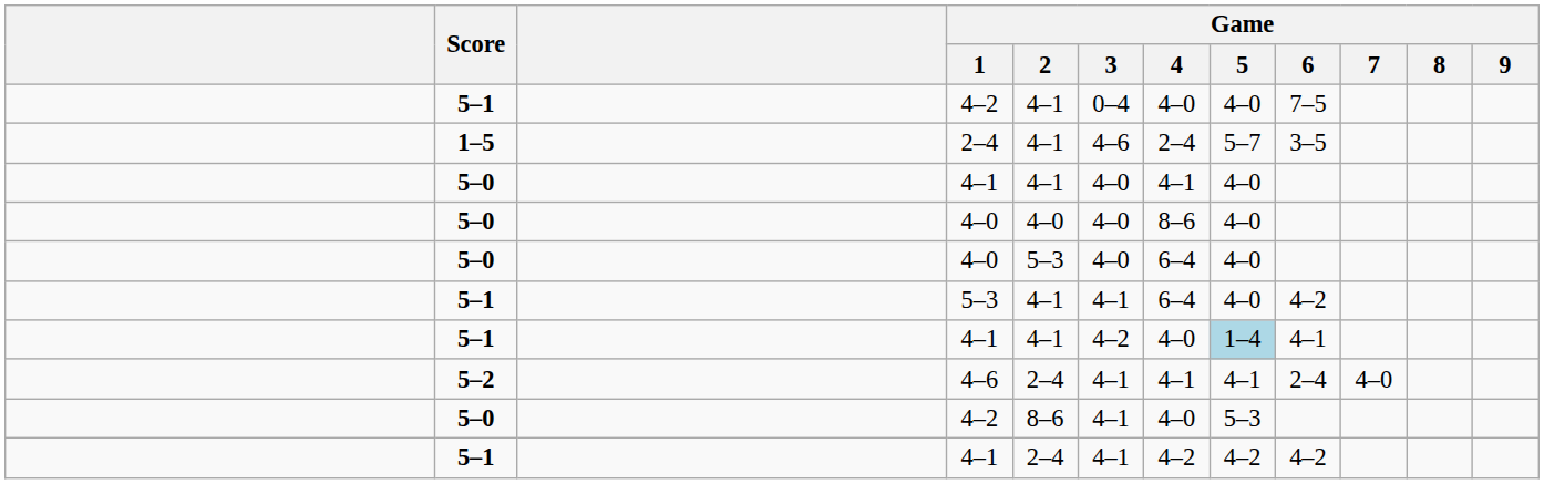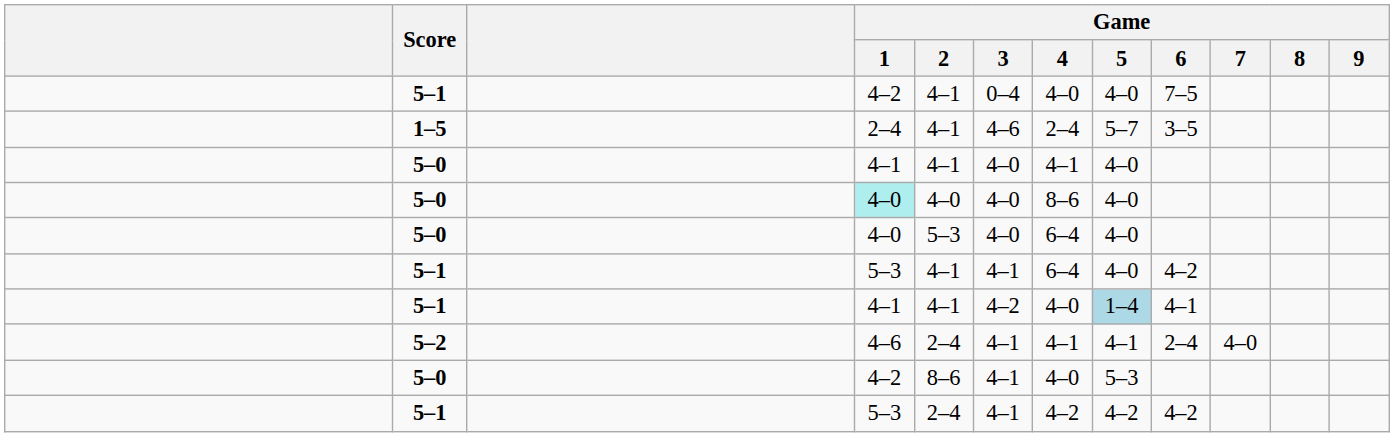 <table class="wikitable" style="text-align: center;">
 <tr>
 <th rowspan=2 align="right" width="270"></th>
 <th rowspan=2 width="45">Score</th>
 <th rowspan=2 align="left" width="270"></th>
 <th colspan=9>Game</th>
 </tr>
 <tr>
 <th width="35">1</th>
 <th width="35">2</th>
 <th width="35">3</th>
 <th width="35">4</th>
 <th width="35">5</th>
 <th width="35">6</th>
 <th width="35">7</th>
 <th width="35">8</th>
 <th width="35">9</th>
 </tr>
 <tr>
 <td align=left><strong><br></strong></td>
 <td align=center><strong>5–1</strong></td>
 <td align=left><br></td>
 <td>4–2</td>
 <td>4–1</td>
 <td>0–4</td>
 <td>4–0</td>
 <td>4–0</td>
 <td>7–5</td>
 <td></td>
 <td></td>
 <td></td>
 </tr>
 <tr>
 <td align=left><br></td>
 <td align=center><strong>1–5</strong></td>
 <td align=left><strong><br></strong></td>
 <td>2–4</td>
 <td>4–1</td>
 <td>4–6</td>
 <td>2–4</td>
 <td>5–7</td>
 <td>3–5</td>
 <td></td>
 <td></td>
 <td></td>
 </tr>
 <tr>
 <td align=left><strong><br></strong></td>
 <td align=center><strong>5–0</strong></td>
 <td align=left><br></td>
 <td>4–1</td>
 <td>4–1</td>
 <td>4–0</td>
 <td>4–1</td>
 <td>4–0</td>
 <td></td>
 <td></td>
 <td></td>
 <td></td>
 </tr>
 <tr>
 <td align=left><strong><br></strong></td>
 <td align=center><strong>5–0</strong></td>
 <td align=left><br></td>
-<td>4–0</td>
+<td style="background: paleturquoise;">4–0</td>
 <td>4–0</td>
 <td>4–0</td>
 <td>8–6</td>
 <td>4–0</td>
 <td></td>
 <td></td>
 <td></td>
 <td></td>
 </tr>
 <tr>
 <td align=left><strong><br></strong></td>
 <td align=center><strong>5–0</strong></td>
 <td align=left><br></td>
 <td>4–0</td>
 <td>5–3</td>
 <td>4–0</td>
 <td>6–4</td>
 <td>4–0</td>
 <td></td>
 <td></td>
 <td></td>
 <td></td>
 </tr>
 <tr>
 <td align=left><strong><br></strong></td>
 <td align=center><strong>5–1</strong></td>
 <td align=left><br></td>
 <td>5–3</td>
 <td>4–1</td>
 <td>4–1</td>
 <td>6–4</td>
 <td>4–0</td>
 <td>4–2</td>
 <td></td>
 <td></td>
 <td></td>
 </tr>
 <tr>
 <td align=left><strong><br></strong></td>
 <td align=center><strong>5–1</strong></td>
 <td align=left><br></td>
 <td>4–1</td>
 <td>4–1</td>
 <td>4–2</td>
 <td>4–0</td>
 <td style="background: lightblue;">1–4</td>
 <td>4–1</td>
 <td></td>
 <td></td>
 <td></td>
 </tr>
 <tr>
 <td align=left><strong><br></strong></td>
 <td align=center><strong>5–2</strong></td>
 <td align=left><br></td>
 <td>4–6</td>
 <td>2–4</td>
 <td>4–1</td>
 <td>4–1</td>
 <td>4–1</td>
 <td>2–4</td>
 <td>4–0</td>
 <td></td>
 <td></td>
 </tr>
 <tr>
 <td align=left><strong><br></strong></td>
 <td align=center><strong>5–0</strong></td>
 <td align=left><br></td>
 <td>4–2</td>
 <td>8–6</td>
 <td>4–1</td>
 <td>4–0</td>
 <td>5–3</td>
 <td></td>
 <td></td>
 <td></td>
 <td></td>
 </tr>
 <tr>
 <td align=left><strong><br></strong></td>
 <td align=center><strong>5–1</strong></td>
 <td align=left><br></td>
-<td>4–1</td>
+<td>5–3</td>
 <td>2–4</td>
 <td>4–1</td>
 <td>4–2</td>
 <td>4–2</td>
 <td>4–2</td>
 <td></td>
 <td></td>
 <td></td>
 </tr>
 </table>
